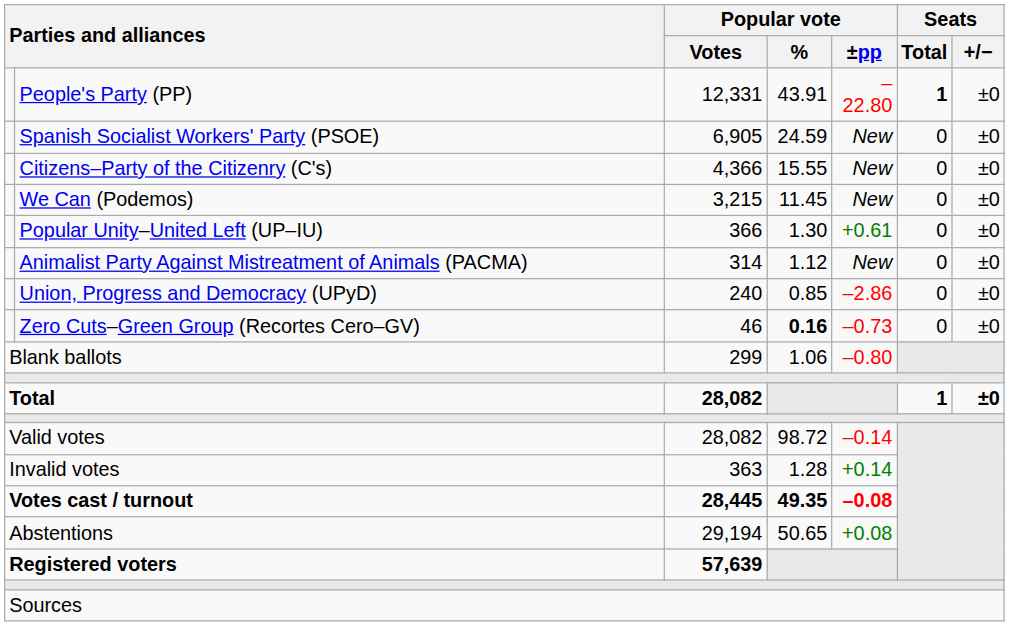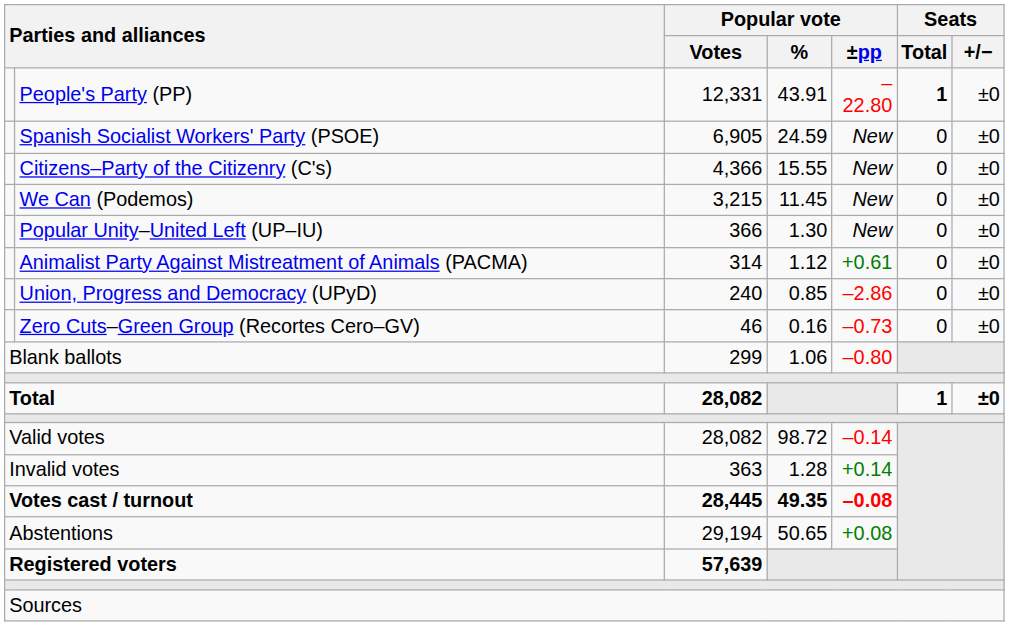 <table class="wikitable" style="text-align:right;">
 <tr>
 <th style="text-align:left;" rowspan="2" colspan="2" width="525">Parties and alliances</th>
 <th colspan="3">Popular vote</th>
 <th colspan="2">Seats</th>
 </tr>
 <tr>
 <th width="75">Votes</th>
 <th width="45">%</th>
 <th width="45">±<a href='#'>pp</a></th>
 <th width="35">Total</th>
 <th width="35">+/−</th>
 </tr>
 <tr>
 <td width="1" style="color:inherit;background:"></td>
 <td align="left"><a href='#'>People's Party</a> (PP)</td>
 <td>12,331</td>
 <td>43.91</td>
 <td style="color:red;">–22.80</td>
 <td><strong>1</strong></td>
 <td>±0</td>
 </tr>
 <tr>
 <td style="color:inherit;background:"></td>
 <td align="left"><a href='#'>Spanish Socialist Workers' Party</a> (PSOE)</td>
 <td>6,905</td>
 <td>24.59</td>
 <td><em>New</em></td>
 <td>0</td>
 <td>±0</td>
 </tr>
 <tr>
 <td style="color:inherit;background:"></td>
 <td align="left"><a href='#'>Citizens–Party of the Citizenry</a> (C's)</td>
 <td>4,366</td>
 <td>15.55</td>
 <td><em>New</em></td>
 <td>0</td>
 <td>±0</td>
 </tr>
 <tr>
 <td style="color:inherit;background:"></td>
 <td align="left"><a href='#'>We Can</a> (Podemos)</td>
 <td>3,215</td>
 <td>11.45</td>
 <td><em>New</em></td>
 <td>0</td>
 <td>±0</td>
 </tr>
 <tr>
 <td style="color:inherit;background:"></td>
 <td align="left"><a href='#'>Popular Unity</a>–<a href='#'>United Left</a> (UP–IU)</td>
 <td>366</td>
 <td>1.30</td>
-<td style="color:green;">+0.61</td>
+<td><em>New</em></td>
 <td>0</td>
 <td>±0</td>
 </tr>
 <tr>
 <td style="color:inherit;background:"></td>
 <td align="left"><a href='#'>Animalist Party Against Mistreatment of Animals</a> (PACMA)</td>
 <td>314</td>
 <td>1.12</td>
-<td><em>New</em></td>
+<td style="color:green;">+0.61</td>
 <td>0</td>
 <td>±0</td>
 </tr>
 <tr>
 <td style="color:inherit;background:"></td>
 <td align="left"><a href='#'>Union, Progress and Democracy</a> (UPyD)</td>
 <td>240</td>
 <td>0.85</td>
 <td style="color:red;">–2.86</td>
 <td>0</td>
 <td>±0</td>
 </tr>
 <tr>
 <td style="color:inherit;background:"></td>
 <td align="left"><a href='#'>Zero Cuts</a>–<a href='#'>Green Group</a> (Recortes Cero–GV)</td>
 <td>46</td>
-<td><strong>0.16</strong></td>
+<td>0.16</td>
 <td style="color:red;">–0.73</td>
 <td>0</td>
 <td>±0</td>
 </tr>
 <tr>
 <td align="left" colspan="2">Blank ballots</td>
 <td>299</td>
 <td>1.06</td>
 <td style="color:red;">–0.80</td>
 <td bgcolor="#E9E9E9" colspan="2"></td>
 </tr>
 <tr>
 <td colspan="7" bgcolor="#E9E9E9"></td>
 </tr>
 <tr style="font-weight:bold;">
 <td align="left" colspan="2">Total</td>
 <td>28,082</td>
 <td bgcolor="#E9E9E9" colspan="2"></td>
 <td>1</td>
 <td>±0</td>
 </tr>
 <tr>
 <td colspan="7" bgcolor="#E9E9E9"></td>
 </tr>
 <tr>
 <td align="left" colspan="2">Valid votes</td>
 <td>28,082</td>
 <td>98.72</td>
 <td style="color:red;">–0.14</td>
 <td bgcolor="#E9E9E9" colspan="2" rowspan="5"></td>
 </tr>
 <tr>
 <td align="left" colspan="2">Invalid votes</td>
 <td>363</td>
 <td>1.28</td>
 <td style="color:green;">+0.14</td>
 </tr>
 <tr style="font-weight:bold;">
 <td align="left" colspan="2">Votes cast / turnout</td>
 <td>28,445</td>
 <td>49.35</td>
 <td style="color:red;">–0.08</td>
 </tr>
 <tr>
 <td align="left" colspan="2">Abstentions</td>
 <td>29,194</td>
 <td>50.65</td>
 <td style="color:green;">+0.08</td>
 </tr>
 <tr style="font-weight:bold;">
 <td align="left" colspan="2">Registered voters</td>
 <td>57,639</td>
 <td bgcolor="#E9E9E9" colspan="2"></td>
 </tr>
 <tr>
 <td colspan="7" bgcolor="#E9E9E9"></td>
 </tr>
 <tr>
 <td align="left" colspan="7">Sources</td>
 </tr>
 </table>
